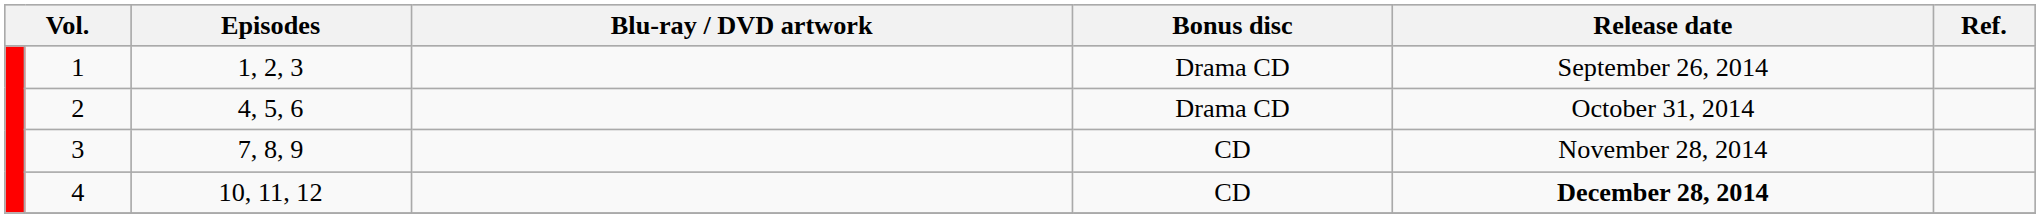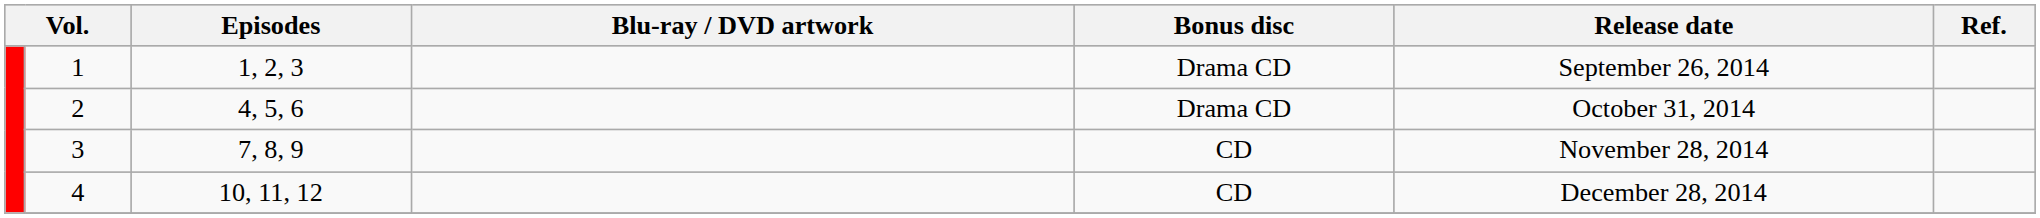 <table class="wikitable" style="text-align: center; width: 98%;">
 <tr>
 <th colspan="2">Vol.</th>
 <th>Episodes</th>
 <th>Blu-ray / DVD artwork</th>
 <th>Bonus disc</th>
 <th>Release date</th>
 <th width="5%">Ref.</th>
 </tr>
 <tr>
 <td rowspan="10" width="1%" style="background: Red;"></td>
 <td>1</td>
 <td>1, 2, 3</td>
 <td></td>
 <td>Drama CD</td>
 <td>September 26, 2014</td>
 <td></td>
 </tr>
 <tr>
 <td>2</td>
 <td>4, 5, 6</td>
 <td></td>
 <td>Drama CD</td>
 <td>October 31, 2014</td>
 <td></td>
 </tr>
 <tr>
 <td>3</td>
 <td>7, 8, 9</td>
 <td></td>
 <td>CD</td>
 <td>November 28, 2014</td>
 <td></td>
 </tr>
 <tr>
 <td>4</td>
 <td>10, 11, 12</td>
 <td></td>
 <td>CD</td>
-<td><strong>December 28, 2014</strong></td>
+<td>December 28, 2014</td>
 <td></td>
 </tr>
 <tr>
 </tr>
 </table>
